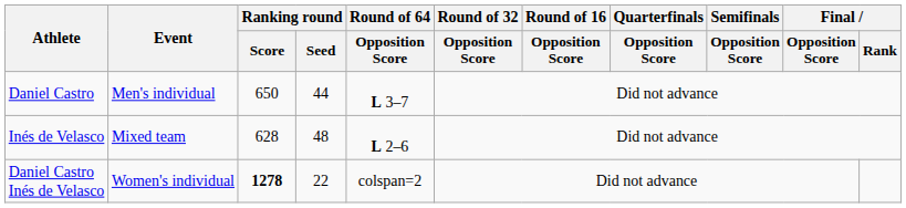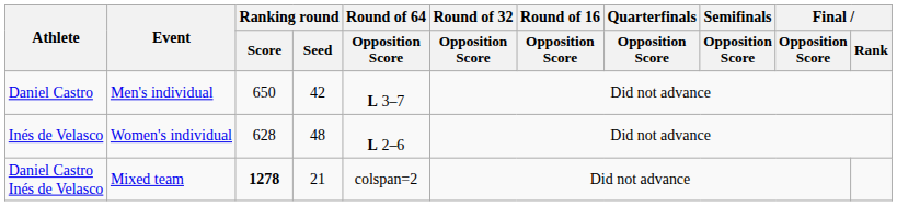 <table class="wikitable" style="font-size:90%">
 <tr>
 <th rowspan=2>Athlete</th>
 <th rowspan=2>Event</th>
 <th colspan="2">Ranking round</th>
 <th>Round of 64</th>
 <th>Round of 32</th>
 <th>Round of 16</th>
 <th>Quarterfinals</th>
 <th>Semifinals</th>
 <th colspan="2">Final / </th>
 </tr>
 <tr style="font-size:95%">
 <th>Score</th>
 <th>Seed</th>
 <th>Opposition<br>Score</th>
 <th>Opposition<br>Score</th>
 <th>Opposition<br>Score</th>
 <th>Opposition<br>Score</th>
 <th>Opposition<br>Score</th>
 <th>Opposition<br>Score</th>
 <th>Rank</th>
 </tr>
 <tr align=center>
 <td align=left><a href='#'>Daniel Castro</a></td>
 <td align=left><a href='#'>Men's individual</a></td>
 <td>650</td>
-<td>44</td>
+<td>42</td>
 <td><br><strong>L</strong> 3–7</td>
 <td colspan=6>Did not advance</td>
 </tr>
 <tr align=center>
 <td align=left><a href='#'>Inés de Velasco</a></td>
-<td align=left><a href='#'>Mixed team</a></td>
+<td align=left><a href='#'>Women's individual</a></td>
 <td>628</td>
 <td>48</td>
 <td><br><strong>L</strong> 2–6</td>
 <td colspan=6>Did not advance</td>
 </tr>
 <tr align=center>
 <td align=left><a href='#'>Daniel Castro</a><br><a href='#'>Inés de Velasco</a></td>
-<td align=left><a href='#'>Women's individual</a></td>
+<td align=left><a href='#'>Mixed team</a></td>
 <td><strong>1278</strong></td>
-<td>22</td>
+<td>21</td>
 <td>colspan=2 </td>
 <td colspan=5>Did not advance</td>
 </tr>
 </table>
